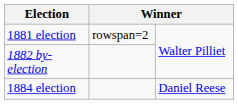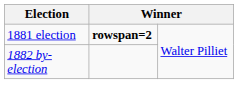 <table class=wikitable>
 <tr>
 <th width=100>Election</th>
 <th width=175 colspan=2>Winner</th>
 </tr>
 <tr>
 <td><a href='#'>1881 election</a></td>
-<td>rowspan=2 </td>
+<td><strong>rowspan=2 </strong></td>
 <td rowspan=2><a href='#'>Walter Pilliet</a></td>
 </tr>
 <tr>
 <td><span><em><a href='#'>1882 by-election</a></em></span></td>
 </tr>
-<tr>
-<td><a href='#'>1884 election</a></td>
-<td></td>
-<td><a href='#'>Daniel Reese</a></td>
-</tr>
 </table>
